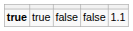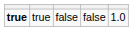 <table class="wikitable">
 <tr>
 <th></th>
 <th></th>
 <th></th>
 <th></th>
 <th></th>
 </tr>
 <tr>
 <td><strong>true</strong></td>
 <td>true</td>
 <td>false</td>
 <td>false</td>
-<td>1.1</td>
+<td>1.0</td>
 </tr>
 </table>
